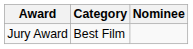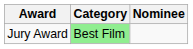 <table class="wikitable sortable">
 <tr>
 <th>Award</th>
 <th>Category</th>
 <th>Nominee</th>
 </tr>
 <tr>
 <td rowspan="2">Jury Award</td>
-<td>Best Film</td>
+<td style="background: lightgreen;">Best Film</td>
 <td></td>
 </tr>
 </table>
